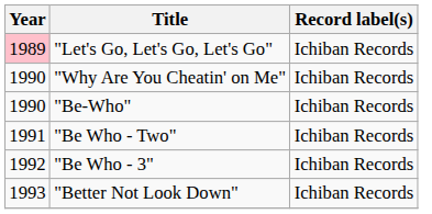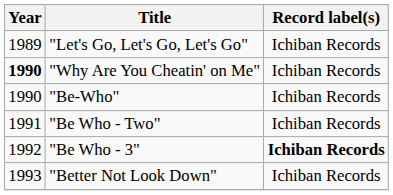 <table class="wikitable sortable">
 <tr>
 <th>Year</th>
 <th>Title</th>
 <th>Record label(s)</th>
 </tr>
 <tr>
-<td style="background: pink;">1989</td>
+<td>1989</td>
 <td>"Let's Go, Let's Go, Let's Go"</td>
 <td style="text-align:center;">Ichiban Records</td>
 </tr>
 <tr>
-<td>1990</td>
+<td><strong>1990</strong></td>
 <td>"Why Are You Cheatin' on Me"</td>
 <td style="text-align:center;">Ichiban Records</td>
 </tr>
 <tr>
 <td>1990</td>
 <td>"Be-Who"</td>
 <td style="text-align:center;">Ichiban Records</td>
 </tr>
 <tr>
 <td>1991</td>
 <td>"Be Who - Two"</td>
 <td style="text-align:center;">Ichiban Records</td>
 </tr>
 <tr>
 <td>1992</td>
 <td>"Be Who - 3"</td>
-<td style="text-align:center;">Ichiban Records</td>
+<td style="text-align:center;"><strong>Ichiban Records</strong></td>
 </tr>
 <tr>
 <td>1993</td>
 <td>"Better Not Look Down"</td>
 <td style="text-align:center;">Ichiban Records</td>
 </tr>
 <tr>
 </tr>
 </table>
